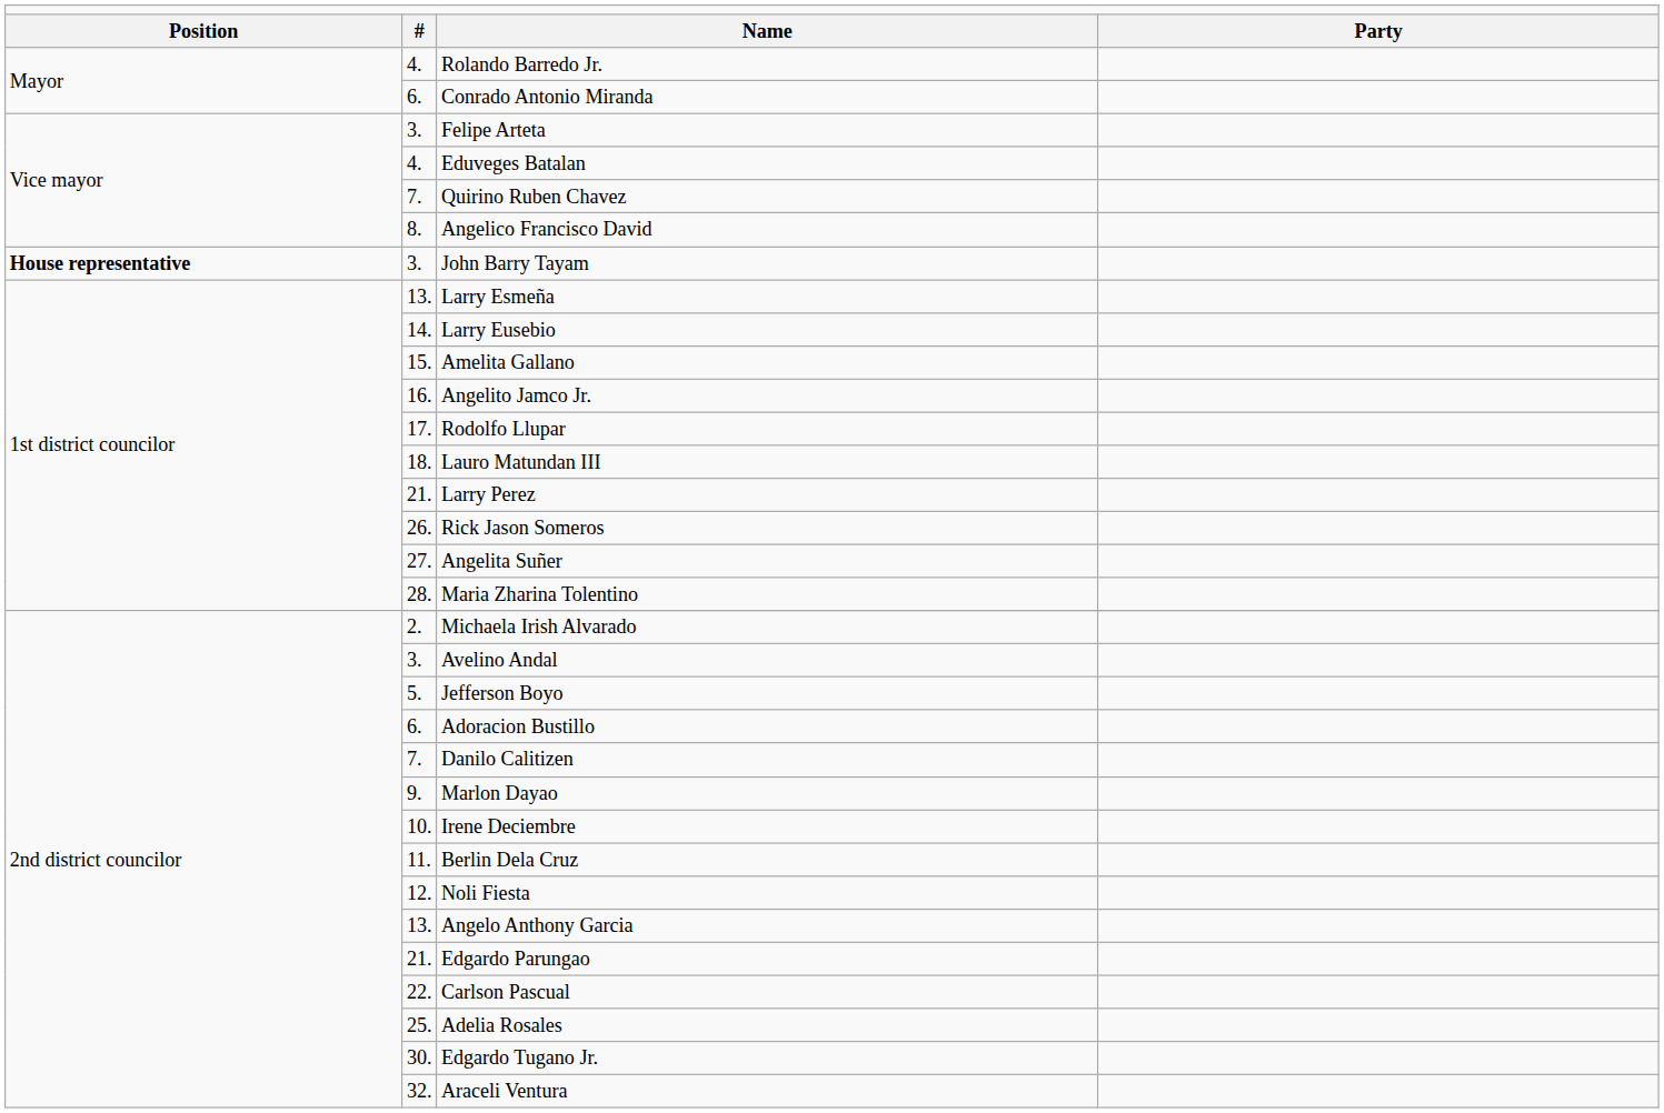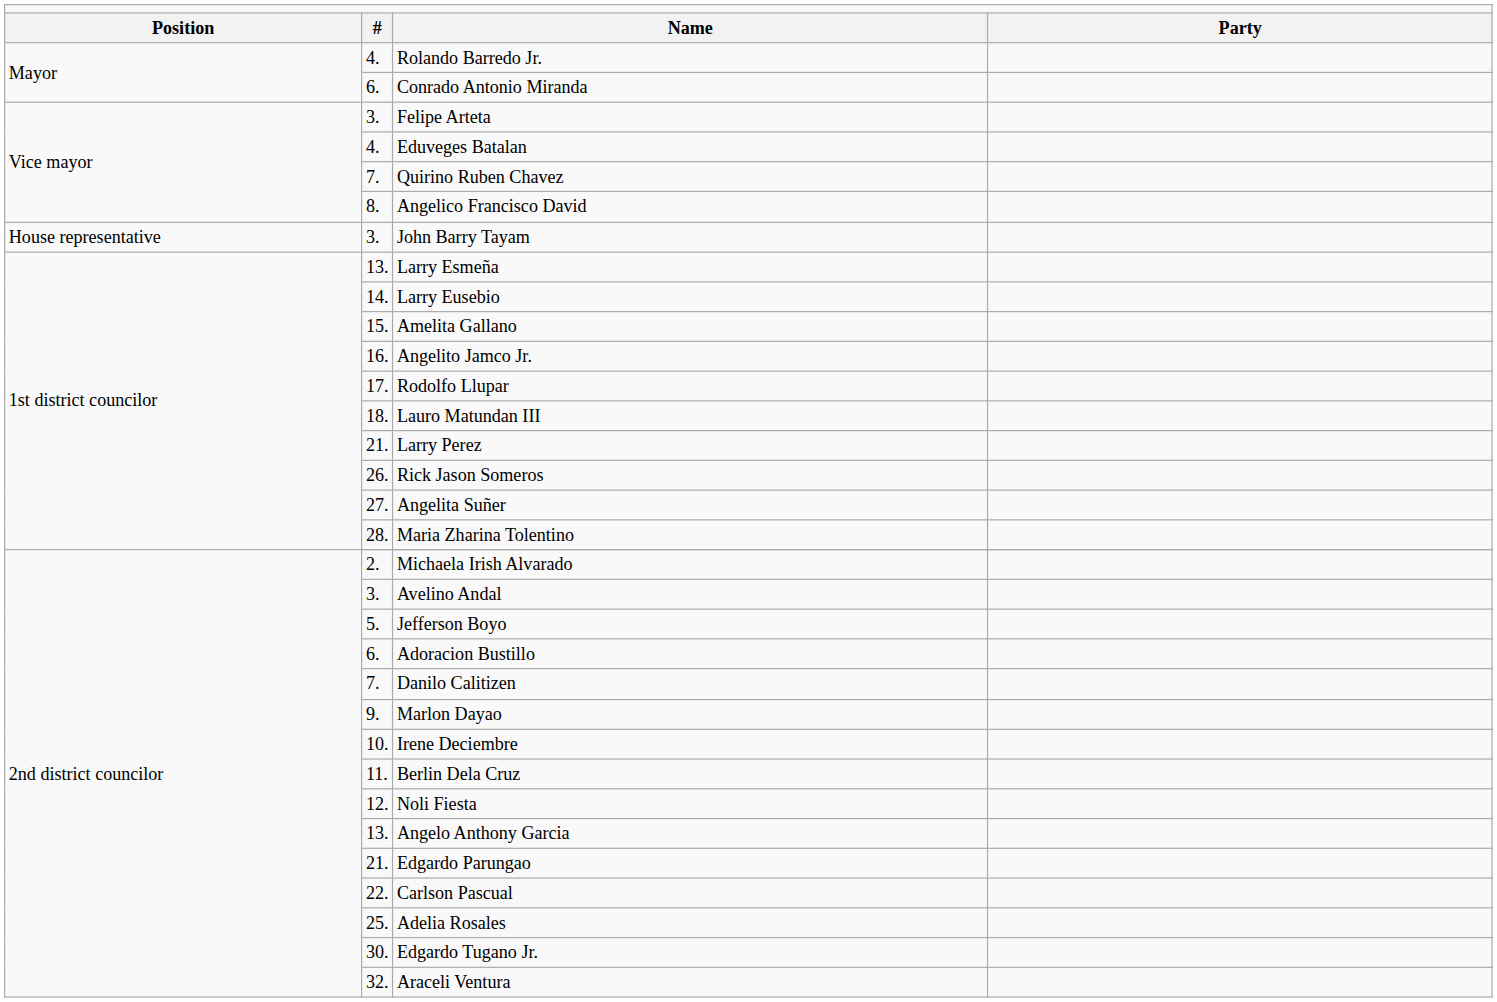 <table class=wikitable style="font-size:95%" width=99%>
 <tr>
 <td colspan="5"></td>
 </tr>
 <tr>
 <th width=24%>Position</th>
 <th width=1%>#</th>
 <th width=40%>Name</th>
 <th colspan=2>Party</th>
 </tr>
 <tr>
 <td rowspan="2">Mayor</td>
 <td>4.</td>
 <td>Rolando Barredo Jr.</td>
 <td></td>
 </tr>
 <tr>
 <td>6.</td>
 <td>Conrado Antonio Miranda</td>
 <td></td>
 </tr>
 <tr>
 <td rowspan="4">Vice mayor</td>
 <td>3.</td>
 <td>Felipe Arteta</td>
 <td></td>
 </tr>
 <tr>
 <td>4.</td>
 <td>Eduveges Batalan</td>
 <td></td>
 </tr>
 <tr>
 <td>7.</td>
 <td>Quirino Ruben Chavez</td>
 <td></td>
 </tr>
 <tr>
 <td>8.</td>
 <td>Angelico Francisco David</td>
 <td></td>
 </tr>
 <tr>
-<td><strong>House representative</strong></td>
+<td>House representative</td>
 <td>3.</td>
 <td>John Barry Tayam</td>
 <td></td>
 </tr>
 <tr>
 <td rowspan="10">1st district councilor</td>
 <td>13.</td>
 <td>Larry Esmeña</td>
 <td></td>
 </tr>
 <tr>
 <td>14.</td>
 <td>Larry Eusebio</td>
 <td></td>
 </tr>
 <tr>
 <td>15.</td>
 <td>Amelita Gallano</td>
 <td></td>
 </tr>
 <tr>
 <td>16.</td>
 <td>Angelito Jamco Jr.</td>
 <td></td>
 </tr>
 <tr>
 <td>17.</td>
 <td>Rodolfo Llupar</td>
 <td></td>
 </tr>
 <tr>
 <td>18.</td>
 <td>Lauro Matundan III</td>
 <td></td>
 </tr>
 <tr>
 <td>21.</td>
 <td>Larry Perez</td>
 <td></td>
 </tr>
 <tr>
 <td>26.</td>
 <td>Rick Jason Someros</td>
 <td></td>
 </tr>
 <tr>
 <td>27.</td>
 <td>Angelita Suñer</td>
 <td></td>
 </tr>
 <tr>
 <td>28.</td>
 <td>Maria Zharina Tolentino</td>
 <td></td>
 </tr>
 <tr>
 <td rowspan="16">2nd district councilor</td>
 </tr>
 <tr>
 <td>2.</td>
 <td>Michaela Irish Alvarado</td>
 <td></td>
 </tr>
 <tr>
 <td>3.</td>
 <td>Avelino Andal</td>
 <td></td>
 </tr>
 <tr>
 <td>5.</td>
 <td>Jefferson Boyo</td>
 <td></td>
 </tr>
 <tr>
 <td>6.</td>
 <td>Adoracion Bustillo</td>
 <td></td>
 </tr>
 <tr>
 <td>7.</td>
 <td>Danilo Calitizen</td>
 <td></td>
 </tr>
 <tr>
 <td>9.</td>
 <td>Marlon Dayao</td>
 <td></td>
 </tr>
 <tr>
 <td>10.</td>
 <td>Irene Deciembre</td>
 <td></td>
 </tr>
 <tr>
 <td>11.</td>
 <td>Berlin Dela Cruz</td>
 <td></td>
 </tr>
 <tr>
 <td>12.</td>
 <td>Noli Fiesta</td>
 <td></td>
 </tr>
 <tr>
 <td>13.</td>
 <td>Angelo Anthony Garcia</td>
 <td></td>
 </tr>
 <tr>
 <td>21.</td>
 <td>Edgardo Parungao</td>
 <td></td>
 </tr>
 <tr>
 <td>22.</td>
 <td>Carlson Pascual</td>
 <td></td>
 </tr>
 <tr>
 <td>25.</td>
 <td>Adelia Rosales</td>
 <td></td>
 </tr>
 <tr>
 <td>30.</td>
 <td>Edgardo Tugano Jr.</td>
 <td></td>
 </tr>
 <tr>
 <td>32.</td>
 <td>Araceli Ventura</td>
 <td></td>
 </tr>
 </table>
